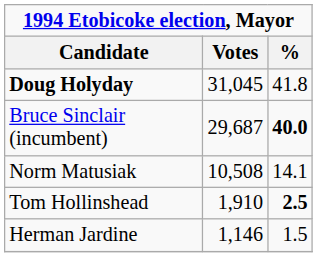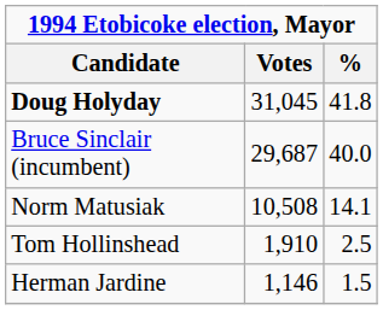 <table class="wikitable">
 <tr>
 <td Colspan="3" align="center"><strong><a href='#'>1994 Etobicoke election</a>, Mayor</strong></td>
 </tr>
 <tr>
 <th width="150" bgcolor="#ddddff">Candidate</th>
 <th bgcolor="#ddddff">Votes</th>
 <th bgcolor="#ddddff">%</th>
 </tr>
 <tr>
 <td><strong>Doug Holyday</strong></td>
 <td align=right>31,045</td>
 <td align=right>41.8</td>
 </tr>
 <tr>
 <td><a href='#'>Bruce Sinclair</a> (incumbent)</td>
 <td align=right>29,687</td>
-<td align=right><strong>40.0</strong></td>
+<td align=right>40.0</td>
 </tr>
 <tr>
 <td>Norm Matusiak</td>
 <td align=right>10,508</td>
 <td align=right>14.1</td>
 </tr>
 <tr>
 <td>Tom Hollinshead</td>
 <td align=right>1,910</td>
-<td align=right><strong>2.5</strong></td>
+<td align=right>2.5</td>
 </tr>
 <tr>
 <td>Herman Jardine</td>
 <td align=right>1,146</td>
 <td align=right>1.5</td>
 </tr>
 <tr>
 </tr>
 </table>
